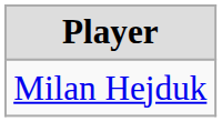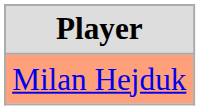 <table class="wikitable">
 <tr style="text-align:center; background:#ddd;">
 <td><strong>Player</strong></td>
 </tr>
 <tr>
-<td><a href='#'>Milan Hejduk</a></td>
+<td style="background: lightsalmon;"><a href='#'>Milan Hejduk</a></td>
 </tr>
 </table>
